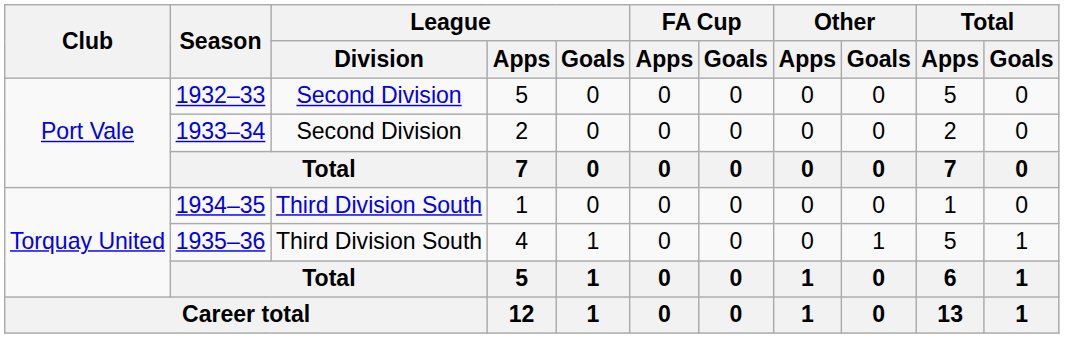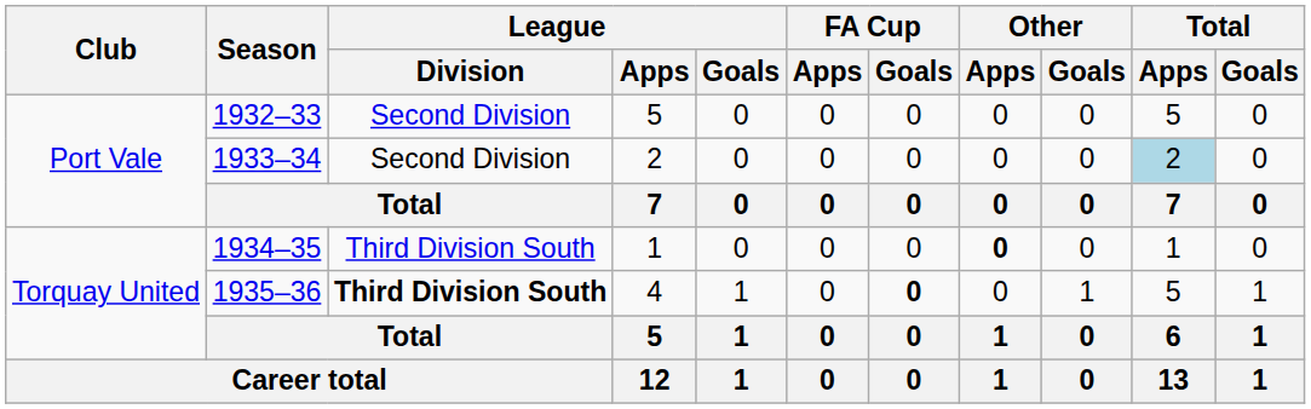 <table class="wikitable" style="text-align: center;">
 <tr>
 <th rowspan="2">Club</th>
 <th rowspan="2">Season</th>
 <th colspan="3">League</th>
 <th colspan="2">FA Cup</th>
 <th colspan="2">Other</th>
 <th colspan="2">Total</th>
 </tr>
 <tr>
 <th>Division</th>
 <th>Apps</th>
 <th>Goals</th>
 <th>Apps</th>
 <th>Goals</th>
 <th>Apps</th>
 <th>Goals</th>
 <th>Apps</th>
 <th>Goals</th>
 </tr>
 <tr>
 <td rowspan="3"><a href='#'>Port Vale</a></td>
 <td><a href='#'>1932–33</a></td>
 <td><a href='#'>Second Division</a></td>
 <td>5</td>
 <td>0</td>
 <td>0</td>
 <td>0</td>
 <td>0</td>
 <td>0</td>
 <td>5</td>
 <td>0</td>
 </tr>
 <tr>
 <td><a href='#'>1933–34</a></td>
 <td>Second Division</td>
 <td>2</td>
 <td>0</td>
 <td>0</td>
 <td>0</td>
 <td>0</td>
 <td>0</td>
-<td>2</td>
+<td style="background: lightblue;">2</td>
 <td>0</td>
 </tr>
 <tr>
 <th colspan="2">Total</th>
 <th>7</th>
 <th>0</th>
 <th>0</th>
 <th>0</th>
 <th>0</th>
 <th>0</th>
 <th>7</th>
 <th>0</th>
 </tr>
 <tr>
 <td rowspan="3"><a href='#'>Torquay United</a></td>
 <td><a href='#'>1934–35</a></td>
 <td><a href='#'>Third Division South</a></td>
 <td>1</td>
 <td>0</td>
 <td>0</td>
 <td>0</td>
-<td>0</td>
+<td><strong>0</strong></td>
 <td>0</td>
 <td>1</td>
 <td>0</td>
 </tr>
 <tr>
 <td><a href='#'>1935–36</a></td>
-<td>Third Division South</td>
+<td><strong>Third Division South</strong></td>
 <td>4</td>
 <td>1</td>
 <td>0</td>
-<td>0</td>
+<td><strong>0</strong></td>
 <td>0</td>
 <td>1</td>
 <td>5</td>
 <td>1</td>
 </tr>
 <tr>
 <th colspan="2">Total</th>
 <th>5</th>
 <th>1</th>
 <th>0</th>
 <th>0</th>
 <th>1</th>
 <th>0</th>
 <th>6</th>
 <th>1</th>
 </tr>
 <tr>
 <th colspan="3">Career total</th>
 <th>12</th>
 <th>1</th>
 <th>0</th>
 <th>0</th>
 <th>1</th>
 <th>0</th>
 <th>13</th>
 <th>1</th>
 </tr>
 </table>
